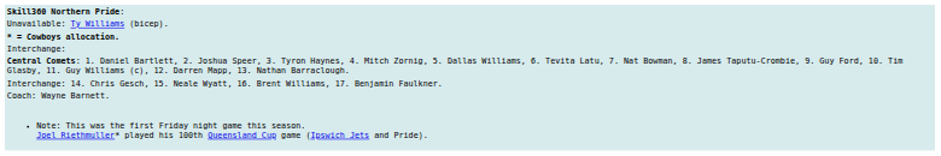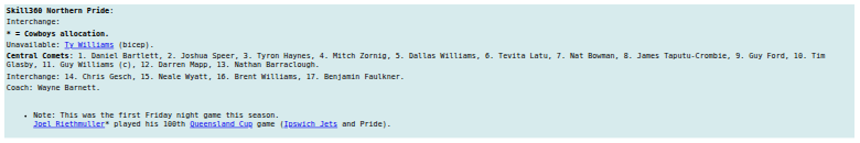 <table style="background:#d7ebed; font-size:85%; width:100%;">
 <tr>
 <td><strong>Skill360 Northern Pride</strong>:             </td>
 </tr>
 <tr>
-<td>Unavailable: <a href='#'>Ty Williams</a> (bicep).</td>
+<td>Interchange:    </td>
 </tr>
 <tr>
 <td><strong>* = Cowboys allocation.</strong></td>
 </tr>
 <tr>
-<td>Interchange:    </td>
+<td>Unavailable: <a href='#'>Ty Williams</a> (bicep).</td>
 </tr>
 <tr>
 <td><strong>Central Comets</strong>: 1. Daniel Bartlett, 2. Joshua Speer, 3. Tyron Haynes, 4. Mitch Zornig, 5. Dallas Williams, 6. Tevita Latu, 7. Nat Bowman, 8. James Taputu-Crombie, 9. Guy Ford, 10. Tim Glasby, 11. Guy Williams (c), 12. Darren Mapp, 13. Nathan Barraclough.</td>
 </tr>
 <tr>
 <td>Interchange: 14. Chris Gesch, 15. Neale Wyatt, 16. Brent Williams, 17. Benjamin Faulkner.</td>
 </tr>
 <tr>
 <td>Coach: Wayne Barnett.</td>
 </tr>
 <tr>
 <td><br><ul><li>Note: This was the first Friday night game this season.<br><a href='#'>Joel Riethmuller</a>* played his 100th <a href='#'>Queensland Cup</a> game (<a href='#'>Ipswich Jets</a> and Pride).</li></ul></td>
 </tr>
 </table>
